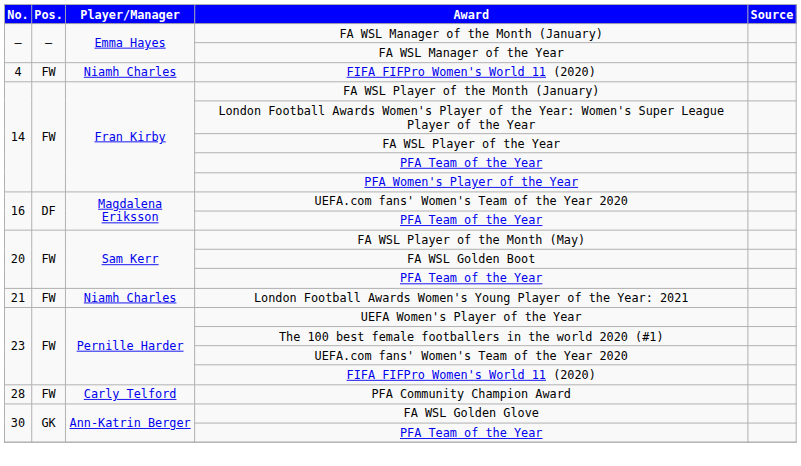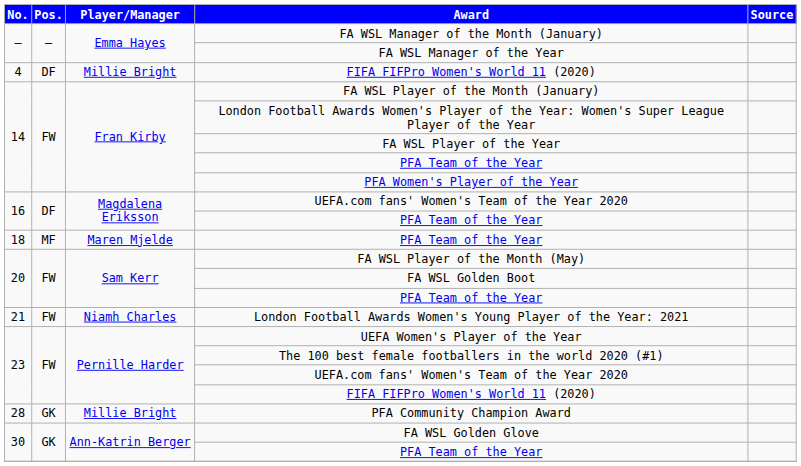 <table class="wikitable" style="text-align:center">
 <tr>
 <th style="background:#00f; color:white;">No.</th>
 <th style="background:#00f; color:white;">Pos.</th>
 <th style="background:#00f; color:white;">Player/Manager</th>
 <th style="background:#00f; color:white;">Award</th>
 <th style="background:#00f; color:white;">Source</th>
 </tr>
 <tr>
 <td rowspan="2">—</td>
 <td rowspan="2">—</td>
 <td rowspan="2"> <a href='#'>Emma Hayes</a></td>
 <td>FA WSL Manager of the Month (January)</td>
 <td></td>
 </tr>
 <tr>
 <td>FA WSL Manager of the Year</td>
 <td></td>
 </tr>
 <tr>
 <td>4</td>
-<td>FW</td>
-<td> <a href='#'>Niamh Charles</a></td>
+<td>DF</td>
+<td> <a href='#'>Millie Bright</a></td>
 <td><a href='#'>FIFA FIFPro Women's World 11</a> (2020)</td>
 <td></td>
 </tr>
 <tr>
 <td rowspan="5">14</td>
 <td rowspan="5">FW</td>
 <td rowspan="5"> <a href='#'>Fran Kirby</a></td>
 <td>FA WSL Player of the Month (January)</td>
 <td></td>
 </tr>
 <tr>
 <td>London Football Awards Women's Player of the Year: Women's Super League Player of the Year</td>
 <td></td>
 </tr>
 <tr>
 <td>FA WSL Player of the Year</td>
 <td></td>
 </tr>
 <tr>
 <td><a href='#'>PFA Team of the Year</a></td>
 <td></td>
 </tr>
 <tr>
 <td><a href='#'>PFA Women's Player of the Year</a></td>
 <td></td>
 </tr>
 <tr>
 <td rowspan="2">16</td>
 <td rowspan="2">DF</td>
 <td rowspan="2"> <a href='#'>Magdalena Eriksson</a></td>
 <td>UEFA.com fans' Women's Team of the Year 2020</td>
 <td></td>
 </tr>
 <tr>
+<td><a href='#'>PFA Team of the Year</a></td>
+<td></td>
+</tr>
+<tr>
+<td>18</td>
+<td>MF</td>
+<td> <a href='#'>Maren Mjelde</a></td>
 <td><a href='#'>PFA Team of the Year</a></td>
 <td></td>
 </tr>
 <tr>
 <td rowspan="3">20</td>
 <td rowspan="3">FW</td>
 <td rowspan="3"> <a href='#'>Sam Kerr</a></td>
 <td>FA WSL Player of the Month (May)</td>
 <td></td>
 </tr>
 <tr>
 <td>FA WSL Golden Boot</td>
 <td></td>
 </tr>
 <tr>
 <td><a href='#'>PFA Team of the Year</a></td>
 <td></td>
 </tr>
 <tr>
 <td>21</td>
 <td>FW</td>
 <td> <a href='#'>Niamh Charles</a></td>
 <td>London Football Awards Women's Young Player of the Year: 2021</td>
 <td></td>
 </tr>
 <tr>
 <td rowspan="4">23</td>
 <td rowspan="4">FW</td>
 <td rowspan="4"> <a href='#'>Pernille Harder</a></td>
 <td>UEFA Women's Player of the Year</td>
 <td></td>
 </tr>
 <tr>
 <td>The 100 best female footballers in the world 2020 (#1)</td>
 <td></td>
 </tr>
 <tr>
 <td>UEFA.com fans' Women's Team of the Year 2020</td>
 <td></td>
 </tr>
 <tr>
 <td><a href='#'>FIFA FIFPro Women's World 11</a> (2020)</td>
 <td></td>
 </tr>
 <tr>
 <td>28</td>
-<td>FW</td>
-<td> <a href='#'>Carly Telford</a></td>
+<td>GK</td>
+<td> <a href='#'>Millie Bright</a></td>
 <td>PFA Community Champion Award</td>
 <td></td>
 </tr>
 <tr>
 <td rowspan="2">30</td>
 <td rowspan="2">GK</td>
 <td rowspan="2"> <a href='#'>Ann-Katrin Berger</a></td>
 <td>FA WSL Golden Glove</td>
 <td></td>
 </tr>
 <tr>
 <td><a href='#'>PFA Team of the Year</a></td>
 <td></td>
 </tr>
 <tr>
 </tr>
 </table>
